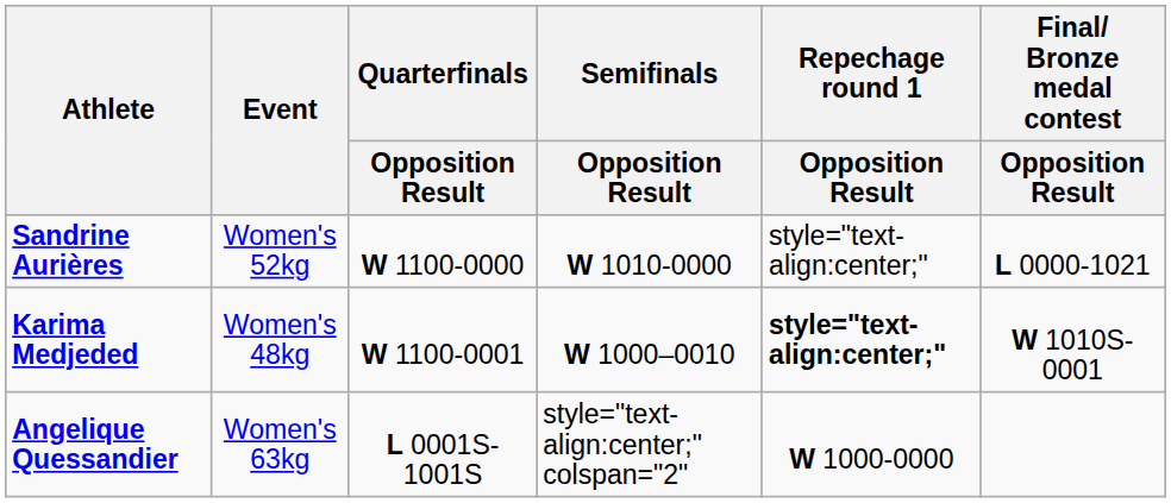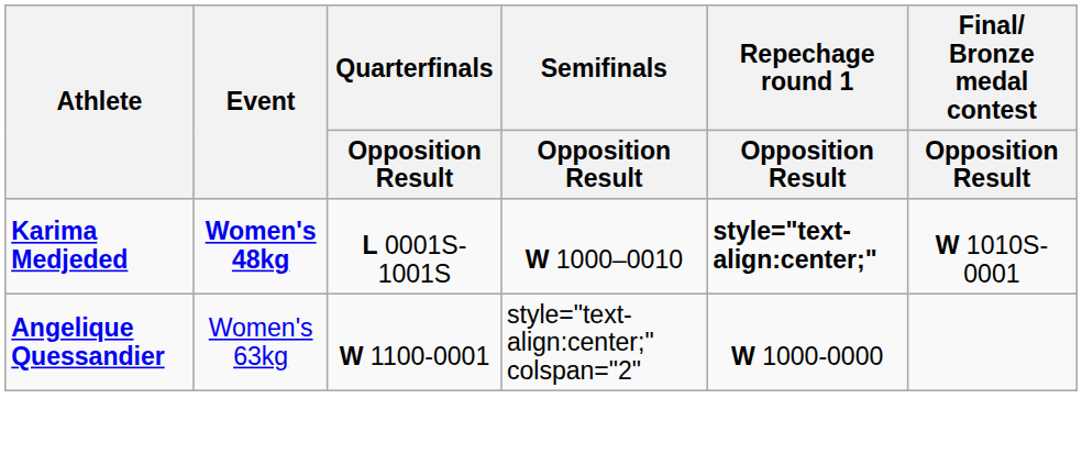 <table class=wikitable style="font-size:90%">
 <tr>
 <th rowspan="2">Athlete</th>
 <th rowspan="2">Event</th>
 <th>Quarterfinals</th>
 <th>Semifinals</th>
 <th>Repechage <br>round 1</th>
 <th>Final/<br>Bronze medal contest</th>
 </tr>
 <tr>
 <th>Opposition<br>Result</th>
 <th>Opposition<br>Result</th>
 <th>Opposition<br>Result</th>
 <th>Opposition<br>Result</th>
 </tr>
 <tr>
-<td><strong><a href='#'>Sandrine Aurières</a></strong></td>
-<td style="text-align:center;"><a href='#'>Women's 52kg</a></td>
-<td style="text-align:center;"><br> <strong>W</strong> 1100-0000</td>
-<td style="text-align:center;"><br> <strong>W</strong> 1010-0000</td>
-<td>style="text-align:center;" </td>
-<td style="text-align:center;"><br> <strong>L</strong> 0000-1021 </td>
-</tr>
-<tr>
 <td><strong><a href='#'>Karima Medjeded</a></strong></td>
-<td style="text-align:center;"><a href='#'>Women's 48kg</a></td>
-<td style="text-align:center;"><br> <strong>W</strong> 1100-0001</td>
+<td style="text-align:center;"><strong><a href='#'>Women's 48kg</a></strong></td>
+<td style="text-align:center;"><br> <strong>L</strong> 0001S-1001S</td>
 <td style="text-align:center;"><br> <strong>W</strong> 1000–0010</td>
 <td><strong>style="text-align:center;" </strong></td>
 <td style="text-align:center;"><br> <strong>W</strong> 1010S-0001 </td>
 </tr>
 <tr>
 <td><strong><a href='#'>Angelique Quessandier</a></strong></td>
 <td style="text-align:center;"><a href='#'>Women's 63kg</a></td>
-<td style="text-align:center;"><br> <strong>L</strong> 0001S-1001S</td>
+<td style="text-align:center;"><br> <strong>W</strong> 1100-0001</td>
 <td>style="text-align:center;" colspan="2" </td>
 <td style="text-align:center;"><br> <strong>W</strong> 1000-0000 </td>
 </tr>
 </table>
